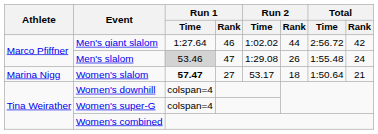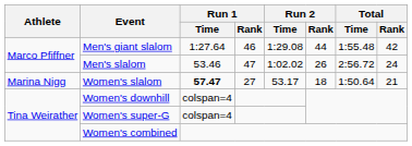 <table class="wikitable" style="font-size:90%">
 <tr>
 <th rowspan=2>Athlete</th>
 <th rowspan=2>Event</th>
 <th colspan=2>Run 1</th>
 <th colspan=2>Run 2</th>
 <th colspan=2>Total</th>
 </tr>
 <tr style="font-size:95%">
 <th>Time</th>
 <th>Rank</th>
 <th>Time</th>
 <th>Rank</th>
 <th>Time</th>
 <th>Rank</th>
 </tr>
 <tr align=center>
 <td align=left rowspan=2><a href='#'>Marco Pfiffner</a></td>
 <td align=left><a href='#'>Men's giant slalom</a></td>
 <td>1:27.64</td>
 <td>46</td>
-<td>1:02.02</td>
+<td>1:29.08</td>
 <td>44</td>
-<td>2:56.72</td>
+<td>1:55.48</td>
 <td>42</td>
 </tr>
 <tr align=center>
 <td align=left><a href='#'>Men's slalom</a></td>
-<td style="background: lightgrey;">53.46</td>
+<td>53.46</td>
 <td>47</td>
-<td>1:29.08</td>
+<td>1:02.02</td>
 <td>26</td>
-<td>1:55.48</td>
+<td>2:56.72</td>
 <td>24</td>
 </tr>
 <tr align=center>
 <td align=left><a href='#'>Marina Nigg</a></td>
 <td align=left><a href='#'>Women's slalom</a></td>
 <td><strong>57.47</strong></td>
 <td>27</td>
 <td>53.17</td>
 <td>18</td>
 <td>1:50.64</td>
 <td>21</td>
 </tr>
 <tr align=center>
 <td align=left rowspan=3><a href='#'>Tina Weirather</a></td>
 <td align=left><a href='#'>Women's downhill</a></td>
 <td>colspan=4 </td>
 <td colspan=2></td>
 </tr>
 <tr align=center>
 <td align=left><a href='#'>Women's super-G</a></td>
 <td>colspan=4 </td>
 <td colspan=2></td>
 </tr>
 <tr align=center>
 <td align=left><a href='#'>Women's combined</a></td>
 <td colspan=6></td>
 </tr>
 </table>
